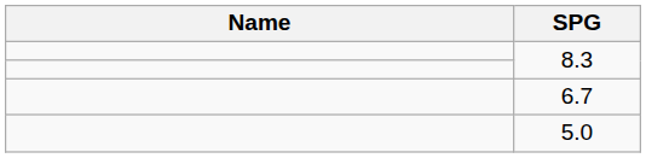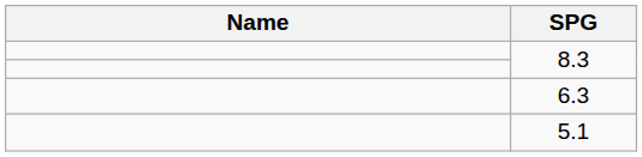 <table class=wikitable width="50%">
 <tr>
 <th width="80%">Name</th>
 <th width="20%">SPG</th>
 </tr>
 <tr>
 <td></td>
 <td align=center rowspan=2>8.3</td>
 </tr>
 <tr>
 <td></td>
 </tr>
 <tr>
 <td></td>
-<td align=center>6.7</td>
+<td align=center>6.3</td>
 </tr>
 <tr>
 <td></td>
-<td align=center>5.0</td>
+<td align=center>5.1</td>
 </tr>
 </table>
